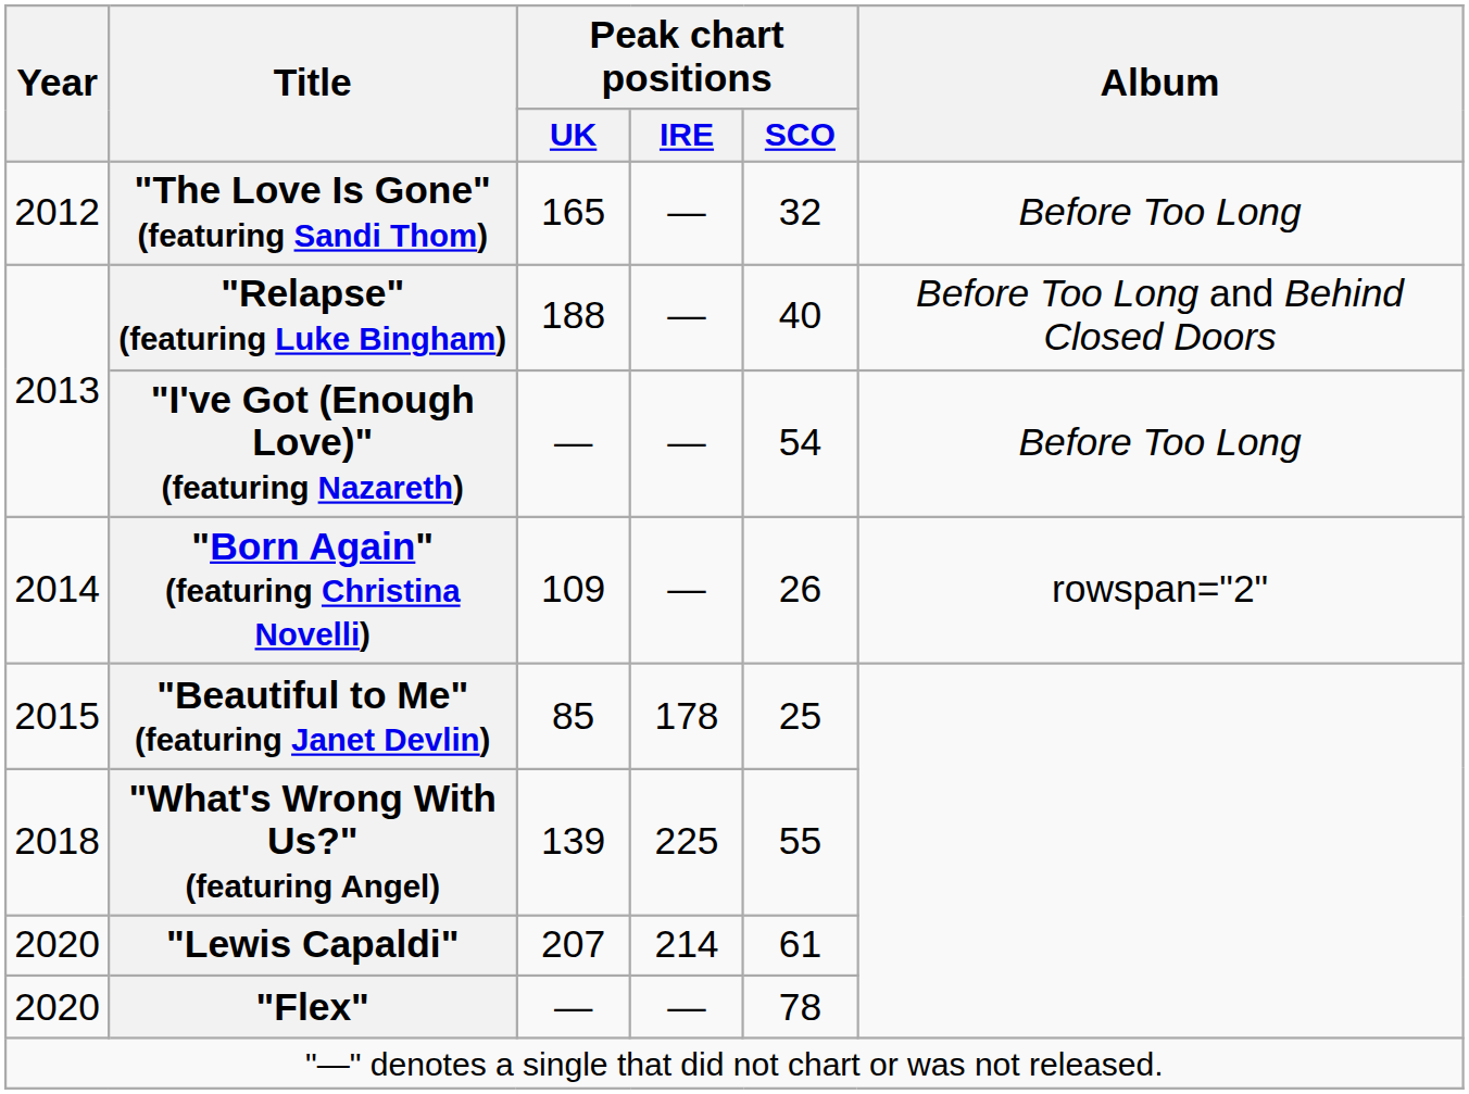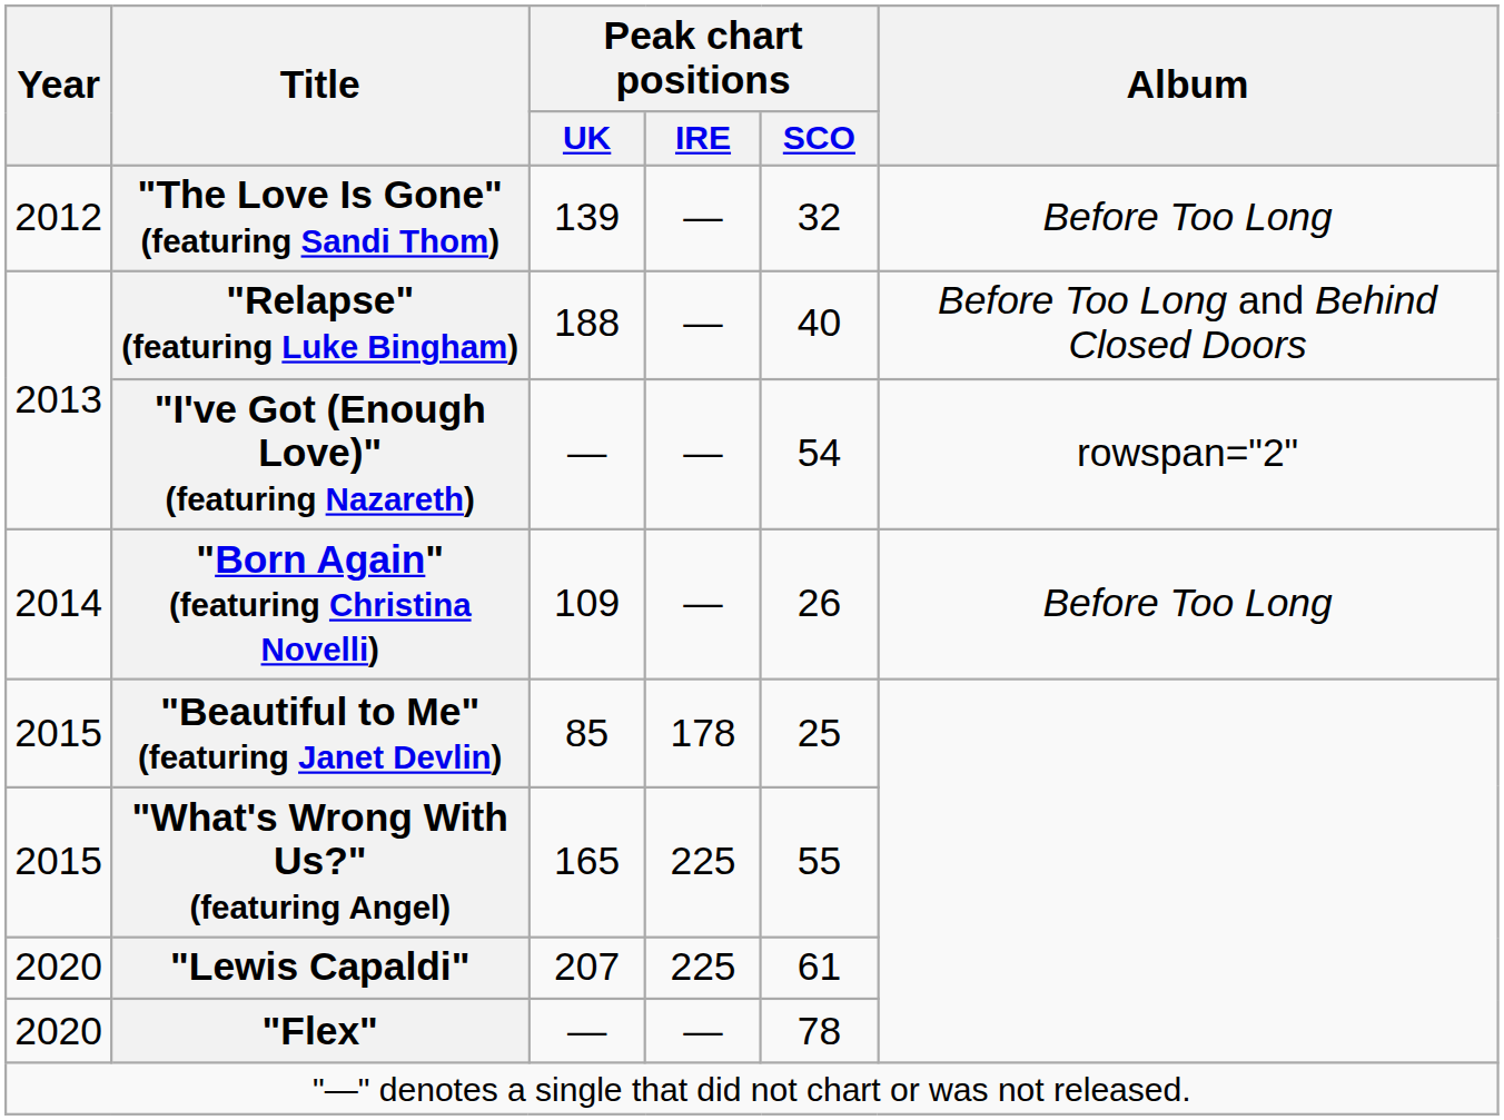 <table class="wikitable plainrowheaders" style="text-align:center;">
 <tr>
 <th rowspan=2>Year</th>
 <th rowspan=2>Title</th>
 <th colspan=3>Peak chart positions</th>
 <th rowspan=2>Album</th>
 </tr>
 <tr>
 <th style="width:3em;font-size:85%;"><a href='#'>UK</a></th>
 <th style="width:3em;font-size:85%;"><a href='#'>IRE</a></th>
 <th style="width:3em;font-size:85%;"><a href='#'>SCO</a><br></th>
 </tr>
 <tr>
 <td>2012</td>
 <th scope="row">"The Love Is Gone" <br><small>(featuring <a href='#'>Sandi Thom</a>)</small></th>
-<td>165</td>
+<td>139</td>
 <td>—</td>
 <td>32</td>
 <td><em>Before Too Long</em></td>
 </tr>
 <tr>
 <td rowspan=2>2013</td>
 <th scope="row">"Relapse" <br><small>(featuring <a href='#'>Luke Bingham</a>)</small></th>
 <td>188</td>
 <td>—</td>
 <td>40</td>
 <td><em>Before Too Long</em> and <em>Behind Closed Doors</em></td>
 </tr>
 <tr>
 <th scope="row">"I've Got (Enough Love)" <br><small>(featuring <a href='#'>Nazareth</a>)</small></th>
 <td>—</td>
 <td>—</td>
 <td>54</td>
-<td><em>Before Too Long</em></td>
+<td>rowspan="2" </td>
 </tr>
 <tr>
 <td>2014</td>
 <th scope="row">"<a href='#'>Born Again</a>" <br><small>(featuring <a href='#'>Christina Novelli</a>)</small></th>
 <td>109</td>
 <td>—</td>
 <td>26</td>
-<td>rowspan="2" </td>
+<td><em>Before Too Long</em></td>
 </tr>
 <tr>
 <td>2015</td>
 <th scope="row">"Beautiful to Me" <br><small>(featuring <a href='#'>Janet Devlin</a>)</small></th>
 <td>85</td>
 <td>178</td>
 <td>25</td>
 </tr>
 <tr>
-<td>2018</td>
+<td>2015</td>
 <th scope="row">"What's Wrong With Us?" <br><small>(featuring Angel)</small></th>
-<td>139</td>
+<td>165</td>
 <td>225</td>
 <td>55</td>
 </tr>
 <tr>
 <td>2020</td>
 <th scope="row">"Lewis Capaldi" <br></th>
 <td>207</td>
-<td>214</td>
+<td>225</td>
 <td>61</td>
 </tr>
 <tr>
 <td>2020</td>
 <th scope="row">"Flex" <br></th>
 <td>—</td>
 <td>—</td>
 <td>78</td>
 </tr>
 <tr>
 <td colspan=18 style="font-size:85%">"—" denotes a single that did not chart or was not released.</td>
 </tr>
 </table>
